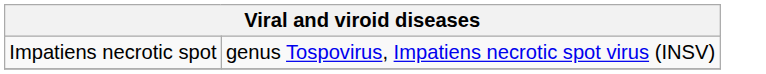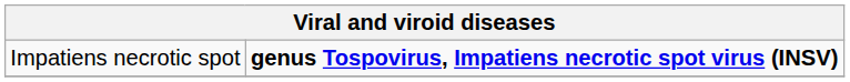 <table class="wikitable" style="clear">
 <tr>
 <th colspan=2><strong>Viral and viroid diseases</strong><br></th>
 </tr>
 <tr>
 <td>Impatiens necrotic spot</td>
-<td>genus <a href='#'>Tospovirus</a>, <a href='#'>Impatiens necrotic spot virus</a> (INSV)</td>
+<td><strong>genus <a href='#'>Tospovirus</a>, <a href='#'>Impatiens necrotic spot virus</a> (INSV)</strong></td>
 </tr>
 <tr>
 </tr>
 </table>
